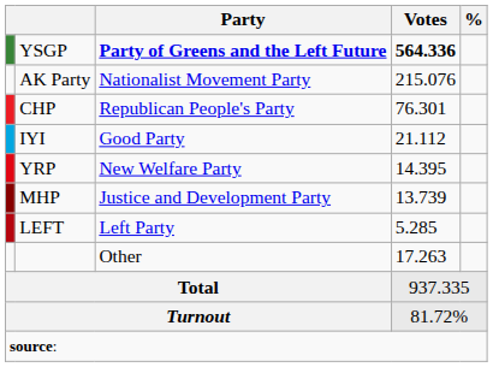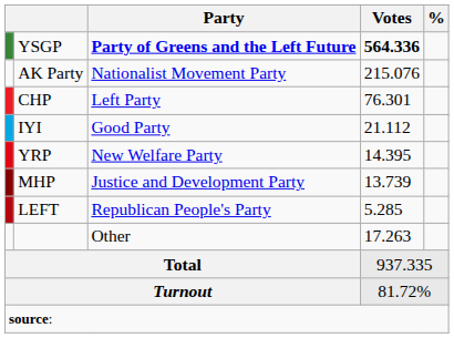 <table class="wikitable">
 <tr>
 <th colspan="2" align="center"></th>
 <th align="center">Party</th>
 <th align="center">Votes</th>
 <th align="center">%</th>
 </tr>
 <tr align="left">
 <td data-darkreader-inline-bgcolor="" width="1" bgcolor="#388537"></td>
 <td>YSGP</td>
 <td><strong><a href='#'>Party of Greens and the Left Future</a></strong></td>
 <td><strong>564.336</strong></td>
 <td><strong></strong></td>
 </tr>
 <tr align="left">
 <td width="1"></td>
 <td>AK Party</td>
 <td><a href='#'>Nationalist Movement Party</a></td>
 <td>215.076</td>
 <td></td>
 </tr>
 <tr align="left">
 <td data-darkreader-inline-bgcolor="" width="1" bgcolor="#ED1C24"></td>
 <td>CHP</td>
-<td><a href='#'>Republican People's Party</a></td>
+<td><a href='#'>Left Party</a></td>
 <td>76.301</td>
 <td></td>
 </tr>
 <tr align="left">
 <td data-darkreader-inline-bgcolor="" width="1" bgcolor="#01A7E1"></td>
 <td>IYI</td>
 <td><a href='#'>Good Party</a></td>
 <td>21.112</td>
 <td></td>
 </tr>
 <tr align="left">
 <td data-darkreader-inline-bgcolor="" width="1" bgcolor="#E20613"></td>
 <td>YRP</td>
 <td><a href='#'>New Welfare Party</a></td>
 <td>14.395</td>
 <td></td>
 </tr>
 <tr align="left">
 <td data-darkreader-inline-bgcolor="" width="1" bgcolor="#870000"></td>
 <td>MHP</td>
 <td><a href='#'>Justice and Development Party</a></td>
 <td>13.739</td>
 <td></td>
 </tr>
 <tr align="left">
 <td data-darkreader-inline-bgcolor="" width="1" bgcolor="#b6050f"></td>
 <td>LEFT</td>
-<td><a href='#'>Left Party</a></td>
+<td><a href='#'>Republican People's Party</a></td>
 <td>5.285</td>
 <td></td>
 </tr>
 <tr align="left">
 <td width="1" bgcolor=""></td>
 <td></td>
 <td>Other</td>
 <td>17.263</td>
 <td></td>
 </tr>
 <tr data-darkreader-inline-bgcolor="" align="left" style="background-color:#E9E9E9">
 <th colspan="3" align="center"><strong>Total</strong></th>
 <td colspan="5" align="center">937.335</td>
 </tr>
 <tr data-darkreader-inline-bgcolor="" align="left" style="background-color:#E9E9E9">
 <th colspan="3" align="center"><em>Turnout</em></th>
 <td colspan="5" align="center">81.72%</td>
 </tr>
 <tr>
 <td colspan="9" align="left"><small><strong>source</strong>: </small></td>
 </tr>
 </table>
